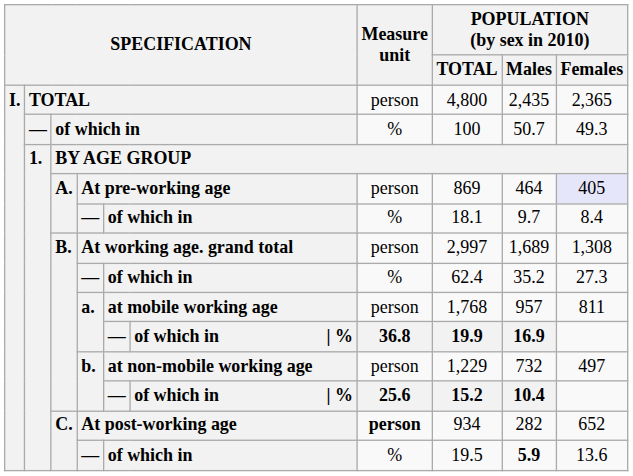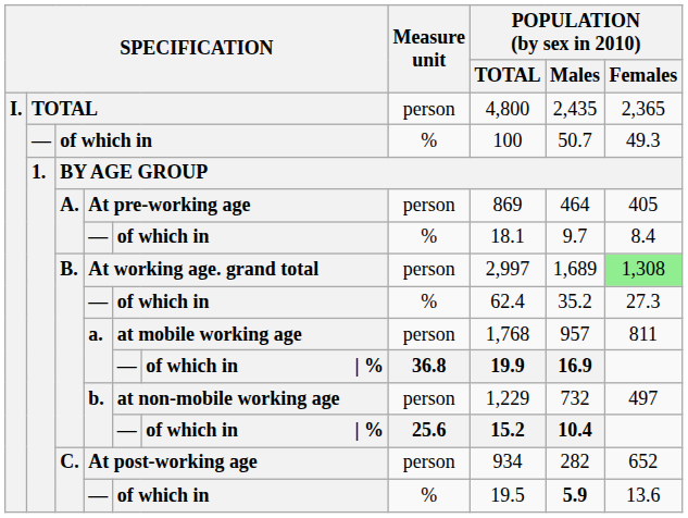 <table class="wikitable" style="font-size:85%; text-align:center">
 <tr>
 <th rowspan="2" colspan="6">SPECIFICATION</th>
 <th rowspan="2">Measure<br> unit</th>
 <th colspan="3" rowspan="1">POPULATION<br> (by sex in 2010)</th>
 </tr>
 <tr>
 <th>TOTAL</th>
 <th>Males</th>
 <th>Females</th>
 </tr>
 <tr>
 <th style="text-align:left" valign="top" rowspan="13">I.</th>
 <th style="text-align:left" colspan="5">TOTAL</th>
 <td>person</td>
 <td>4,800</td>
 <td>2,435</td>
 <td>2,365</td>
 </tr>
 <tr>
 <th style="text-align:left" valign="top">—</th>
 <th style="text-align:left" colspan="4">of which in</th>
 <td>%</td>
 <td>100</td>
 <td>50.7</td>
 <td>49.3</td>
 </tr>
 <tr>
 <th style="text-align:left" valign="top" rowspan="11">1.</th>
 <th style="text-align:left" colspan="19">BY AGE GROUP</th>
 </tr>
 <tr>
 <th style="text-align:left" valign="top" rowspan="2">A.</th>
 <th style="text-align:left" colspan="3">At pre-working age</th>
 <td>person</td>
 <td>869</td>
 <td>464</td>
-<td style="background: lavender;">405</td>
+<td>405</td>
 </tr>
 <tr>
 <th style="text-align:left" valign="top">—</th>
 <th style="text-align:left" valign="top" colspan="2">of which in</th>
 <td>%</td>
 <td>18.1</td>
 <td>9.7</td>
 <td>8.4</td>
 </tr>
 <tr>
 <th style="text-align:left" valign="top" rowspan="6">B.</th>
 <th style="text-align:left" colspan="3">At working age. grand total</th>
 <td>person</td>
 <td>2,997</td>
 <td>1,689</td>
-<td>1,308</td>
+<td style="background: lightgreen;">1,308</td>
 </tr>
 <tr>
 <th style="text-align:left" valign="top">—</th>
 <th style="text-align:left" valign="top" colspan="2">of which in</th>
 <td>%</td>
 <td>62.4</td>
 <td>35.2</td>
 <td>27.3</td>
 </tr>
 <tr>
 <th style="text-align:left" valign="top" rowspan="2">a.</th>
 <th style="text-align:left" colspan="2">at mobile working age</th>
 <td>person</td>
 <td>1,768</td>
 <td>957</td>
 <td>811</td>
 </tr>
 <tr>
 <th style="text-align:left" valign="top">—</th>
 <th style="text-align:left" valign="top" colspan="1">of which in                        | %</th>
 <th>36.8</th>
 <th>19.9</th>
 <th>16.9</th>
 </tr>
 <tr>
 <th style="text-align:left" valign="top" rowspan="2">b.</th>
 <th style="text-align:left" colspan="2">at non-mobile working age</th>
 <td>person</td>
 <td>1,229</td>
 <td>732</td>
 <td>497</td>
 </tr>
 <tr>
 <th style="text-align:left" valign="top">—</th>
 <th style="text-align:left" valign="top" colspan="1">of which in                        | %</th>
 <th>25.6</th>
 <th>15.2</th>
 <th>10.4</th>
 </tr>
 <tr>
 <th style="text-align:left" valign="top" rowspan="2">C.</th>
 <th style="text-align:left" colspan="3">At post-working age</th>
-<td><strong>person</strong></td>
+<td>person</td>
 <td>934</td>
 <td>282</td>
 <td>652</td>
 </tr>
 <tr>
 <th style="text-align:left" valign="top">—</th>
 <th style="text-align:left" valign="top" colspan="2">of which in</th>
 <td>%</td>
 <td>19.5</td>
 <td><strong>5.9</strong></td>
 <td>13.6</td>
 </tr>
 </table>
